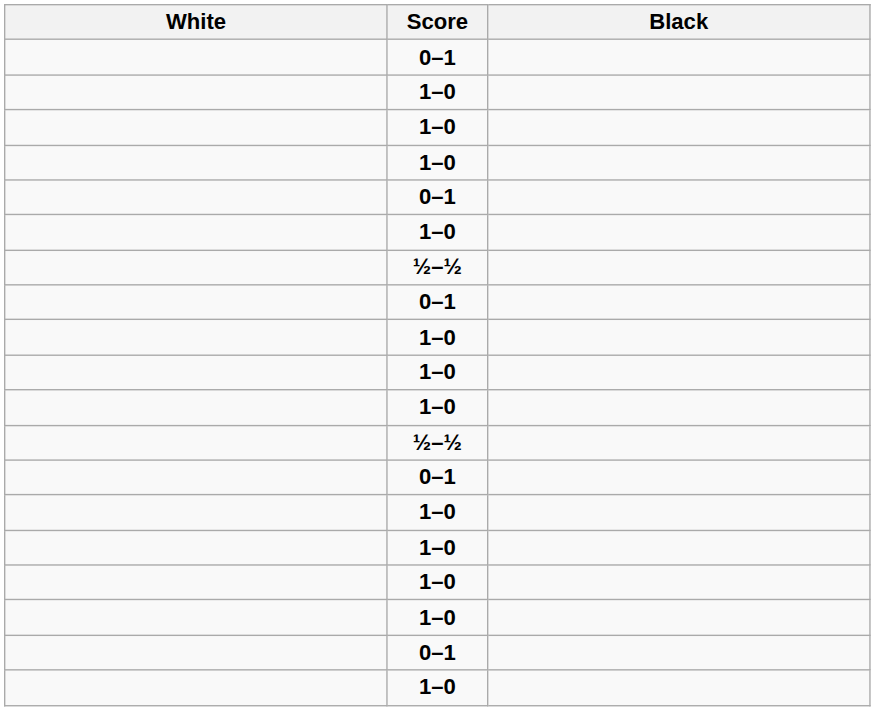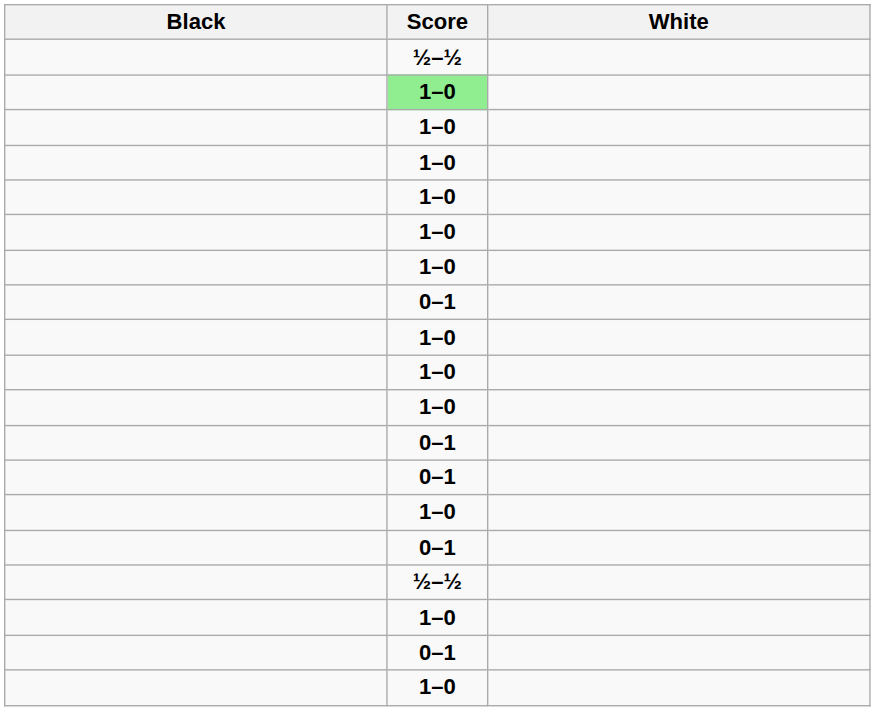 <table class="wikitable" style="text-align: center;">
 <tr>
+<th align="left" width="270">Black</th>
+<th width="65">Score</th>
 <th align="right" width="270">White</th>
-<th width="65">Score</th>
-<th align="left" width="270">Black</th>
-</tr>
-<tr>
-<td align=left></td>
-<td align=center><strong>0–1</strong></td>
-<td align=left><strong></strong></td>
-</tr>
-<tr>
-<td align=left><strong></strong></td>
-<td align=center><strong>1–0</strong></td>
-<td align=left></td>
-</tr>
-<tr>
-<td align=left></td>
-<td align=center><strong>1–0</strong></td>
-<td align=left><strong></strong></td>
-</tr>
-<tr>
-<td align=left><strong></strong></td>
-<td align=center><strong>1–0</strong></td>
-<td align=left></td>
-</tr>
-<tr>
-<td align=left><strong></strong></td>
-<td align=center><strong>0–1</strong></td>
-<td align=left></td>
-</tr>
-<tr>
-<td align=left><strong></strong></td>
-<td align=center><strong>1–0</strong></td>
-<td align=left></td>
 </tr>
 <tr>
 <td align=left><strong></strong></td>
 <td align=center><strong>½–½</strong></td>
 <td align=left></td>
 </tr>
 <tr>
 <td align=left></td>
-<td align=center><strong>0–1</strong></td>
+<td align=center style="background: lightgreen;"><strong>1–0</strong></td>
 <td align=left><strong></strong></td>
-</tr>
-<tr>
-<td align=left><strong></strong></td>
-<td align=center><strong>1–0</strong></td>
-<td align=left></td>
-</tr>
-<tr>
-<td align=left><strong></strong></td>
-<td align=center><strong>1–0</strong></td>
-<td align=left></td>
-</tr>
-<tr>
-<td align=left><strong></strong></td>
-<td align=center><strong>1–0</strong></td>
-<td align=left></td>
-</tr>
-<tr>
-<td align=left></td>
-<td align=center><strong>½–½</strong></td>
-<td align=left></td>
-</tr>
-<tr>
-<td align=left><strong></strong></td>
-<td align=center><strong>0–1</strong></td>
-<td align=left></td>
 </tr>
 <tr>
 <td align=left><strong></strong></td>
 <td align=center><strong>1–0</strong></td>
 <td align=left></td>
 </tr>
 <tr>
 <td align=left></td>
 <td align=center><strong>1–0</strong></td>
 <td align=left><strong></strong></td>
 </tr>
 <tr>
 <td align=left></td>
 <td align=center><strong>1–0</strong></td>
+<td align=left><strong></strong></td>
+</tr>
+<tr>
+<td align=left></td>
+<td align=center><strong>1–0</strong></td>
+<td align=left><strong></strong></td>
+</tr>
+<tr>
+<td align=left></td>
+<td align=center><strong>1–0</strong></td>
+<td align=left><strong></strong></td>
+</tr>
+<tr>
+<td align=left><strong></strong></td>
+<td align=center><strong>0–1</strong></td>
 <td align=left></td>
 </tr>
 <tr>
+<td align=left></td>
+<td align=center><strong>1–0</strong></td>
 <td align=left><strong></strong></td>
+</tr>
+<tr>
+<td align=left></td>
 <td align=center><strong>1–0</strong></td>
+<td align=left><strong></strong></td>
+</tr>
+<tr>
+<td align=left></td>
+<td align=center><strong>1–0</strong></td>
+<td align=left><strong></strong></td>
+</tr>
+<tr>
+<td align=left></td>
+<td align=center><strong>0–1</strong></td>
 <td align=left></td>
 </tr>
 <tr>
 <td align=left></td>
 <td align=center><strong>0–1</strong></td>
 <td align=left><strong></strong></td>
 </tr>
 <tr>
+<td align=left></td>
+<td align=center><strong>1–0</strong></td>
 <td align=left><strong></strong></td>
-<td align=center><strong>1–0</strong></td>
+</tr>
+<tr>
+<td align=left><strong></strong></td>
+<td align=center><strong>0–1</strong></td>
 <td align=left></td>
 </tr>
+<tr>
+<td align=left></td>
+<td align=center><strong>½–½</strong></td>
+<td align=left></td>
+</tr>
+<tr>
+<td align=left></td>
+<td align=center><strong>1–0</strong></td>
+<td align=left><strong></strong></td>
+</tr>
+<tr>
+<td align=left><strong></strong></td>
+<td align=center><strong>0–1</strong></td>
+<td align=left></td>
+</tr>
+<tr>
+<td align=left></td>
+<td align=center><strong>1–0</strong></td>
+<td align=left><strong></strong></td>
+</tr>
 </table>
